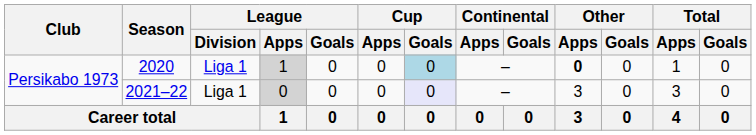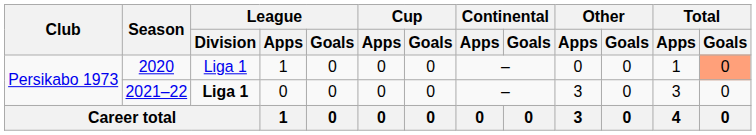 <table class="wikitable" style="text-align: center">
 <tr>
 <th rowspan="2">Club</th>
 <th rowspan="2">Season</th>
 <th colspan="3">League</th>
 <th colspan="2">Cup</th>
 <th colspan="2">Continental</th>
 <th colspan="2">Other</th>
 <th colspan="2">Total</th>
 </tr>
 <tr>
 <th>Division</th>
 <th>Apps</th>
 <th>Goals</th>
 <th>Apps</th>
 <th>Goals</th>
 <th>Apps</th>
 <th>Goals</th>
 <th>Apps</th>
 <th>Goals</th>
 <th>Apps</th>
 <th>Goals</th>
 </tr>
 <tr>
 <td rowspan="2"><a href='#'>Persikabo 1973</a></td>
 <td><a href='#'>2020</a></td>
 <td rowspan="1" valign="center"><a href='#'>Liga 1</a></td>
-<td style="background: lightgrey;">1</td>
+<td>1</td>
 <td>0</td>
 <td>0</td>
-<td style="background: lightblue;">0</td>
+<td>0</td>
 <td colspan="2">–</td>
-<td><strong>0</strong></td>
+<td>0</td>
 <td>0</td>
 <td>1</td>
-<td>0</td>
+<td style="background: lightsalmon;">0</td>
 </tr>
 <tr>
 <td><a href='#'>2021–22</a></td>
-<td rowspan="1" valign="center">Liga 1</td>
-<td style="background: lightgrey;">0</td>
+<td rowspan="1" valign="center"><strong>Liga 1</strong></td>
 <td>0</td>
 <td>0</td>
-<td style="background: lavender;">0</td>
+<td>0</td>
+<td>0</td>
 <td colspan="2">–</td>
 <td>3</td>
 <td>0</td>
 <td>3</td>
 <td>0</td>
 </tr>
 <tr>
 <th colspan=3>Career total</th>
 <th>1</th>
 <th>0</th>
 <th>0</th>
 <th>0</th>
 <th>0</th>
 <th>0</th>
 <th>3</th>
 <th>0</th>
 <th>4</th>
 <th>0</th>
 </tr>
 </table>
